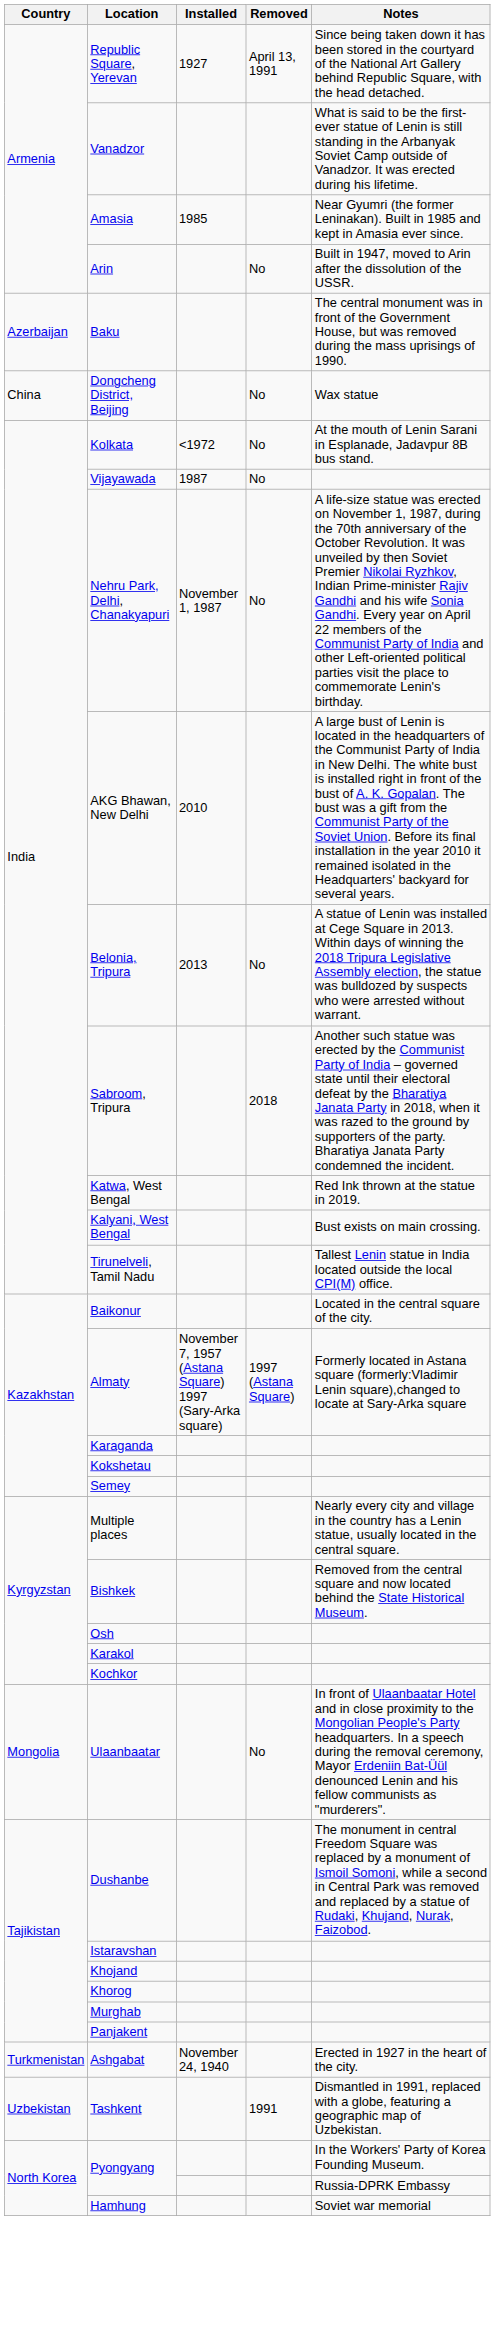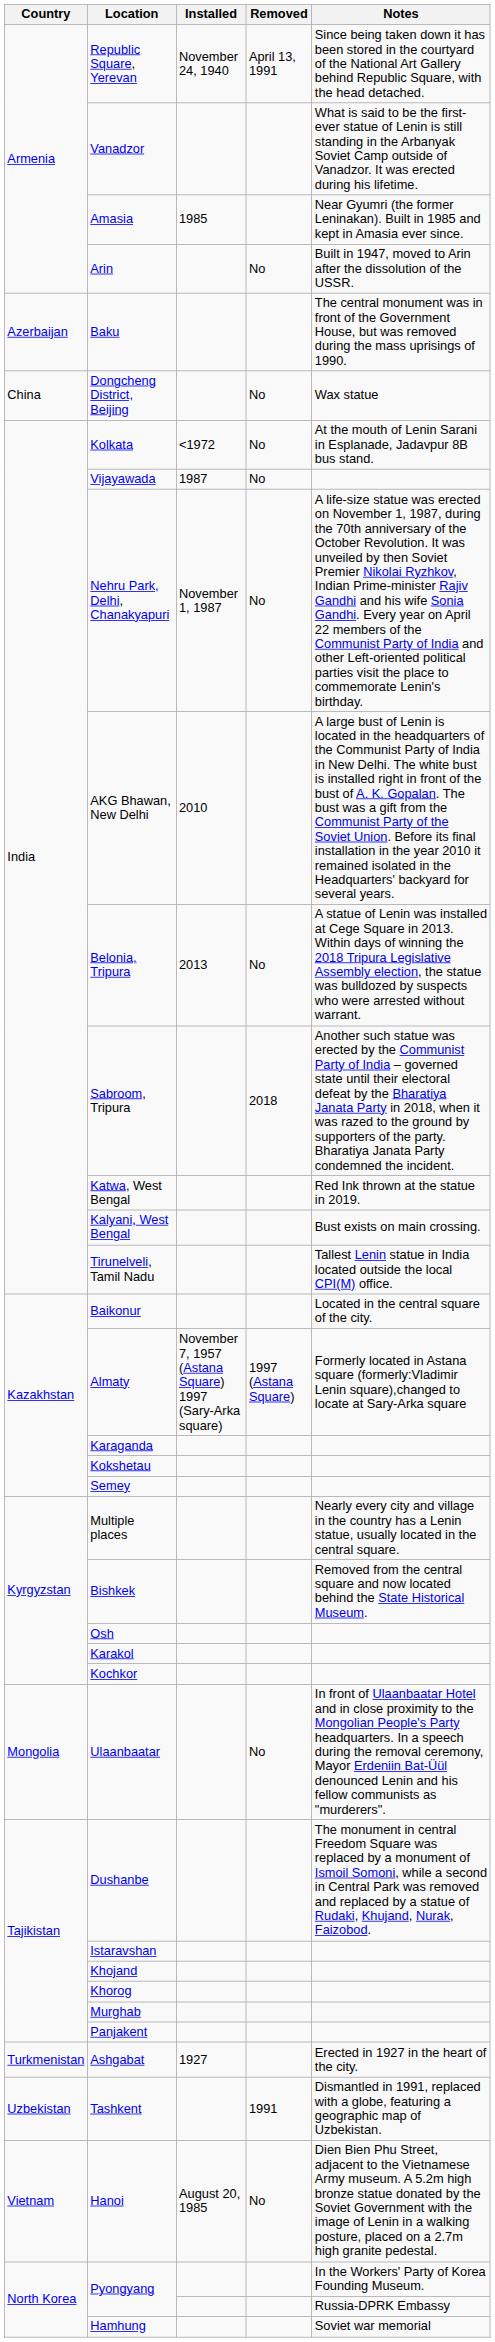 <table class="wikitable sortable">
 <tr>
 <th>Country</th>
 <th class="unsortable">Location</th>
 <th>Installed</th>
 <th>Removed</th>
 <th class="unsortable">Notes</th>
 </tr>
 <tr id="Armenia">
 <td rowspan="4"><a href='#'>Armenia</a></td>
 <td><a href='#'>Republic Square</a>, <a href='#'>Yerevan</a></td>
-<td>1927</td>
+<td data-sort-value="1940-11-24">November 24, 1940</td>
 <td data-sort-value="1991-04-13">April 13, 1991</td>
 <td>Since being taken down it has been stored in the courtyard of the National Art Gallery behind Republic Square, with the head detached.</td>
 </tr>
 <tr>
 <td><a href='#'>Vanadzor</a></td>
 <td></td>
 <td></td>
 <td>What is said to be the first-ever statue of Lenin is still standing in the Arbanyak Soviet Camp outside of Vanadzor. It was erected during his lifetime.</td>
 </tr>
 <tr>
 <td><a href='#'>Amasia</a></td>
 <td>1985</td>
 <td></td>
 <td>Near Gyumri (the former Leninakan). Built in 1985 and kept in Amasia ever since.</td>
 </tr>
 <tr>
 <td><a href='#'>Arin</a></td>
 <td data-sort-value="1991"></td>
 <td>No</td>
 <td>Built in 1947, moved to Arin after the dissolution of the USSR.</td>
 </tr>
 <tr id="Azerbaijan">
 <td><a href='#'>Azerbaijan</a></td>
 <td><a href='#'>Baku</a></td>
 <td></td>
 <td data-sort-value="1990"></td>
 <td>The central monument was in front of the Government House, but was removed during the mass uprisings of 1990.</td>
 </tr>
 <tr id="China">
 <td>China</td>
 <td><a href='#'>Dongcheng District, Beijing</a></td>
 <td></td>
 <td data-sort-value="1990">No</td>
 <td>Wax statue</td>
 </tr>
 <tr id="India">
 <td rowspan="9">India</td>
 <td><a href='#'>Kolkata</a></td>
 <td data-sort-value="1972"><1972</td>
 <td>No</td>
 <td>At the mouth of Lenin Sarani in Esplanade, Jadavpur 8B bus stand.</td>
 </tr>
 <tr>
 <td><a href='#'>Vijayawada</a></td>
 <td>1987</td>
 <td>No</td>
 <td></td>
 </tr>
 <tr>
 <td><a href='#'>Nehru Park, Delhi</a>, <a href='#'>Chanakyapuri</a></td>
 <td data-sort-value="1987-11-01">November 1, 1987</td>
 <td>No</td>
 <td>A life-size statue was erected on November 1, 1987, during the 70th anniversary of the October Revolution. It was unveiled by then Soviet Premier <a href='#'>Nikolai Ryzhkov</a>, Indian Prime-minister <a href='#'>Rajiv Gandhi</a> and his wife <a href='#'>Sonia Gandhi</a>. Every year on April 22 members of the <a href='#'>Communist Party of India</a> and other Left-oriented political parties visit the place to commemorate Lenin's birthday.</td>
 </tr>
 <tr>
 <td>AKG Bhawan, New Delhi</td>
 <td>2010</td>
 <td></td>
 <td>A large bust of Lenin is located in the headquarters of the Communist Party of India in New Delhi. The white bust is installed right in front of the bust of <a href='#'>A. K. Gopalan</a>. The bust was a gift from the <a href='#'>Communist Party of the Soviet Union</a>. Before its final installation in the year 2010 it remained isolated in the Headquarters' backyard for several years.</td>
 </tr>
 <tr>
 <td><a href='#'>Belonia, Tripura</a></td>
 <td>2013</td>
 <td data-sort-value="1990">No</td>
 <td>A statue of Lenin was installed at Cege Square in 2013. Within days of winning the <a href='#'>2018 Tripura Legislative Assembly election</a>, the statue was bulldozed by suspects who were arrested without warrant.</td>
 </tr>
 <tr>
 <td><a href='#'>Sabroom</a>, Tripura</td>
 <td></td>
 <td>2018</td>
 <td>Another such statue was erected by the <a href='#'>Communist Party of India</a> – governed state until their electoral defeat by the <a href='#'>Bharatiya Janata Party</a> in 2018, when it was razed to the ground by supporters of the party. Bharatiya Janata Party condemned the incident.</td>
 </tr>
 <tr>
 <td><a href='#'>Katwa</a>, West Bengal</td>
 <td></td>
 <td></td>
 <td>Red Ink thrown at the statue in 2019.</td>
 </tr>
 <tr>
 <td><a href='#'>Kalyani, West Bengal</a></td>
 <td></td>
 <td></td>
 <td>Bust exists on main crossing.</td>
 </tr>
 <tr>
 <td><a href='#'>Tirunelveli</a>, Tamil Nadu</td>
 <td></td>
 <td></td>
 <td>Tallest <a href='#'>Lenin</a> statue in India located outside the local <a href='#'>CPI(M)</a> office.</td>
 </tr>
 <tr id="Kazakhstan">
 <td rowspan="5"><a href='#'>Kazakhstan</a></td>
 <td><a href='#'>Baikonur</a></td>
 <td></td>
 <td></td>
 <td>Located in the central square of the city.</td>
 </tr>
 <tr>
 <td><a href='#'>Almaty</a></td>
 <td>November 7, 1957 (<a href='#'>Astana Square</a>)<br>1997 (Sary-Arka square)</td>
 <td>1997 (<a href='#'>Astana Square</a>)</td>
 <td>Formerly located in Astana square (formerly:Vladimir Lenin square),changed to locate at Sary-Arka square</td>
 </tr>
 <tr>
 <td><a href='#'>Karaganda</a></td>
 <td></td>
 <td></td>
 <td></td>
 </tr>
 <tr>
 <td><a href='#'>Kokshetau</a></td>
 <td></td>
 <td></td>
 <td></td>
 </tr>
 <tr>
 <td><a href='#'>Semey</a></td>
 <td></td>
 <td></td>
 <td></td>
 </tr>
 <tr id="Kyrgyzstan">
 <td rowspan="5"><a href='#'>Kyrgyzstan</a></td>
 <td>Multiple places</td>
 <td></td>
 <td></td>
 <td>Nearly every city and village in the country has a Lenin statue, usually located in the central square.</td>
 </tr>
 <tr>
 <td><a href='#'>Bishkek</a></td>
 <td></td>
 <td></td>
 <td>Removed from the central square and now located behind the <a href='#'>State Historical Museum</a>.</td>
 </tr>
 <tr>
 <td><a href='#'>Osh</a></td>
 <td></td>
 <td></td>
 <td></td>
 </tr>
 <tr>
 <td><a href='#'>Karakol</a></td>
 <td></td>
 <td></td>
 <td></td>
 </tr>
 <tr>
 <td><a href='#'>Kochkor</a></td>
 <td></td>
 <td></td>
 <td></td>
 </tr>
 <tr id="Mongolia">
 <td><a href='#'>Mongolia</a></td>
 <td><a href='#'>Ulaanbaatar</a></td>
 <td></td>
 <td data-sort-value="1990">No</td>
 <td>In front of <a href='#'>Ulaanbaatar Hotel</a> and in close proximity to the <a href='#'>Mongolian People's Party</a> headquarters. In a speech during the removal ceremony, Mayor <a href='#'>Erdeniin Bat-Üül</a> denounced Lenin and his fellow communists as "murderers".</td>
 </tr>
 <tr id="Tajikistan">
 <td rowspan="6"><a href='#'>Tajikistan</a></td>
 <td><a href='#'>Dushanbe</a></td>
 <td></td>
 <td></td>
 <td>The monument in central Freedom Square was replaced by a monument of <a href='#'>Ismoil Somoni</a>, while a second in Central Park was removed and replaced by a statue of <a href='#'>Rudaki</a>, <a href='#'>Khujand</a>, <a href='#'>Nurak</a>, <a href='#'>Faizobod</a>.</td>
 </tr>
 <tr>
 <td><a href='#'>Istaravshan</a></td>
 <td></td>
 <td></td>
 <td></td>
 </tr>
 <tr>
 <td><a href='#'>Khojand</a></td>
 <td></td>
 <td></td>
 <td></td>
 </tr>
 <tr>
 <td><a href='#'>Khorog</a></td>
 <td></td>
 <td></td>
 <td></td>
 </tr>
 <tr>
 <td><a href='#'>Murghab</a></td>
 <td></td>
 <td></td>
 <td></td>
 </tr>
 <tr>
 <td><a href='#'>Panjakent</a></td>
 <td></td>
 <td></td>
 <td></td>
 </tr>
 <tr id="Turkmenistan">
 <td><a href='#'>Turkmenistan</a></td>
 <td><a href='#'>Ashgabat</a></td>
-<td data-sort-value="1940-11-24">November 24, 1940</td>
+<td>1927</td>
 <td></td>
 <td>Erected in 1927 in the heart of the city.</td>
 </tr>
 <tr id="Uzbekistan">
 <td><a href='#'>Uzbekistan</a></td>
 <td><a href='#'>Tashkent</a></td>
 <td></td>
 <td>1991</td>
 <td>Dismantled in 1991, replaced with a globe, featuring a geographic map of Uzbekistan.</td>
+</tr>
+<tr id="Vietnam">
+<td><a href='#'>Vietnam</a></td>
+<td><a href='#'>Hanoi</a></td>
+<td>August 20, 1985</td>
+<td>No</td>
+<td>Dien Bien Phu Street, adjacent to the Vietnamese Army museum. A 5.2m high bronze statue donated by the Soviet Government with the image of Lenin in a walking posture, placed on a 2.7m high granite pedestal.</td>
 </tr>
 <tr id="North Korea">
 <td rowspan="3"><a href='#'>North Korea</a></td>
 <td rowspan="2"><a href='#'>Pyongyang</a></td>
 <td></td>
 <td></td>
 <td>In the Workers' Party of Korea Founding Museum.</td>
 </tr>
 <tr>
 <td></td>
 <td></td>
 <td>Russia-DPRK Embassy</td>
 </tr>
 <tr>
 <td><a href='#'>Hamhung</a></td>
 <td></td>
 <td></td>
 <td>Soviet war memorial</td>
 </tr>
 </table>
